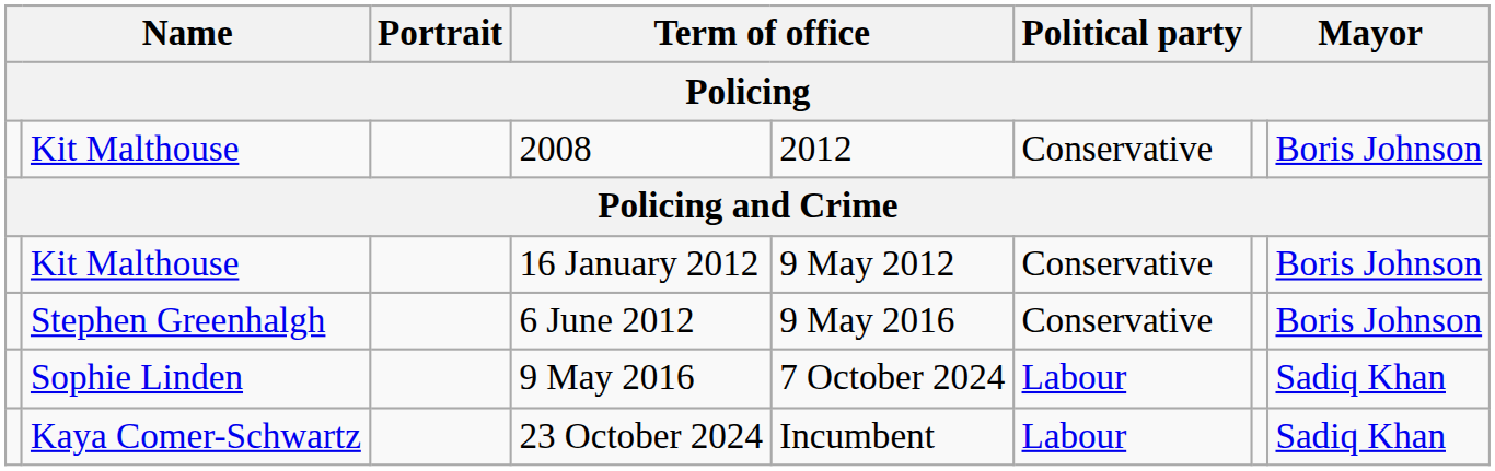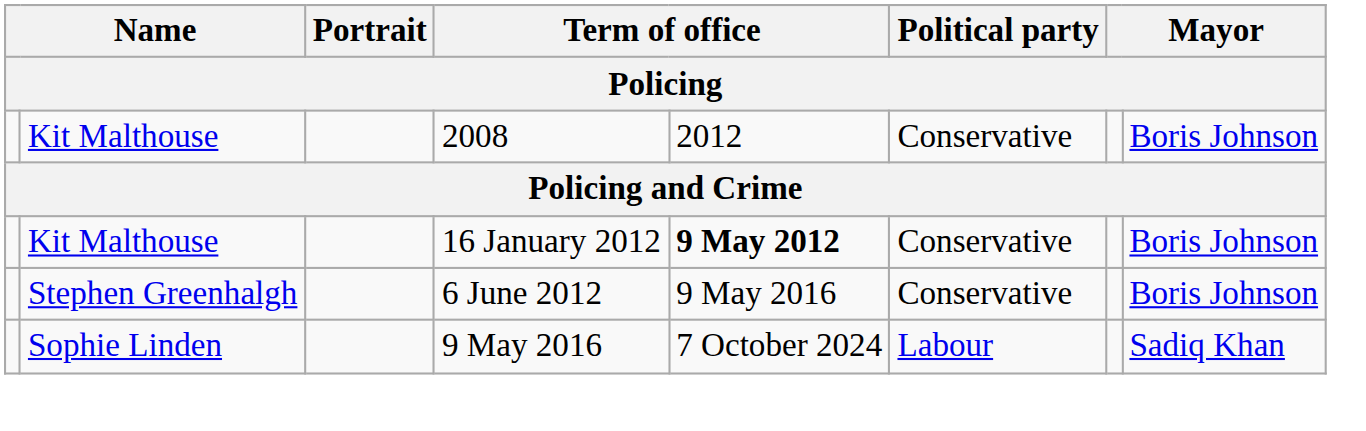 <table class="wikitable">
 <tr>
 <th colspan=2>Name</th>
 <th>Portrait</th>
 <th colspan=2>Term of office</th>
 <th>Political party</th>
 <th colspan=2>Mayor</th>
 </tr>
 <tr>
 <th colspan="8">Policing</th>
 </tr>
 <tr>
 <td style="background-color: "></td>
 <td><a href='#'>Kit Malthouse</a></td>
 <td></td>
 <td>2008</td>
 <td>2012</td>
 <td>Conservative</td>
 <td style="background-color: "></td>
 <td><a href='#'>Boris Johnson</a></td>
 </tr>
 <tr>
 <th colspan="8">Policing and Crime</th>
 </tr>
 <tr>
 <td style="background-color: "></td>
 <td><a href='#'>Kit Malthouse</a></td>
 <td></td>
 <td>16 January 2012</td>
-<td>9 May 2012</td>
+<td><strong>9 May 2012</strong></td>
 <td>Conservative</td>
 <td style="background-color: "></td>
 <td><a href='#'>Boris Johnson</a></td>
 </tr>
 <tr>
 <td style="background-color: "></td>
 <td><a href='#'>Stephen Greenhalgh</a></td>
 <td></td>
 <td>6 June 2012</td>
 <td>9 May 2016</td>
 <td>Conservative</td>
 <td style="background-color: "></td>
 <td><a href='#'>Boris Johnson</a></td>
 </tr>
 <tr>
 <td style="background-color: "></td>
 <td><a href='#'>Sophie Linden</a></td>
 <td></td>
 <td>9 May 2016</td>
 <td>7 October 2024</td>
 <td><a href='#'>Labour</a></td>
 <td style="background-color: "></td>
 <td><a href='#'>Sadiq Khan</a></td>
 </tr>
-<tr>
-<td style="background-color: "></td>
-<td><a href='#'>Kaya Comer-Schwartz</a></td>
-<td></td>
-<td>23 October 2024</td>
-<td>Incumbent</td>
-<td><a href='#'>Labour</a></td>
-<td style="background-color: "></td>
-<td><a href='#'>Sadiq Khan</a></td>
-</tr>
 </table>
